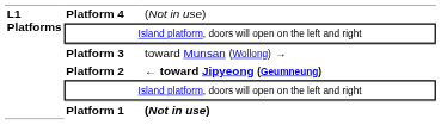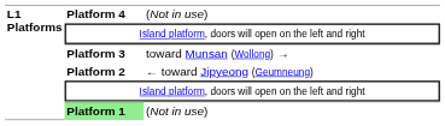 <table table border=0 cellspacing=0 cellpadding=3>
 <tr>
 <td style="border-top:solid 1px gray;border-bottom:solid 1px gray;" width=50 rowspan=7 valign=top><strong>L1<br>Platforms</strong></td>
 <td style="border-bottom:solid 0px gray;border-top:solid 1px gray;" width=100><span><strong>Platform 4</strong></span></td>
 <td style="border-bottom:solid 0px gray;border-top:solid 1px gray;" width=390> (<em>Not in use</em>)</td>
 </tr>
 <tr>
 <td style="border-top:solid 2px black;border-right:solid 2px black;border-left:solid 2px black;border-bottom:solid 2px black;text-align:center;" colspan=2><small><a href='#'>Island platform</a>, doors will open on the left and right</small></td>
 </tr>
 <tr>
 <td style="border-bottom:solid 0px gray;border-top:solid 1px gray;" width=100><span><strong>Platform 3</strong></span></td>
 <td style="border-bottom:solid 0px gray;border-top:solid 1px gray;" width=390>  toward <a href='#'>Munsan</a> <small>(<a href='#'>Wollong</a>)</small> →</td>
 </tr>
 <tr>
 <td><span><strong>Platform 2</strong></span></td>
-<td><strong>←  toward <a href='#'>Jipyeong</a> <small>(<a href='#'>Geumneung</a>)</small></strong></td>
+<td>←  toward <a href='#'>Jipyeong</a> <small>(<a href='#'>Geumneung</a>)</small></td>
 </tr>
 <tr>
 <td style="border-top:solid 2px black;border-right:solid 2px black;border-left:solid 2px black;border-bottom:solid 2px black;text-align:center;" colspan=2><small><a href='#'>Island platform</a>, doors will open on the left and right</small></td>
 </tr>
 <tr>
-<td style="border-bottom:solid 0px gray;border-top:solid 1px gray;" width=100><span><strong>Platform 1</strong></span></td>
-<td style="border-bottom:solid 0px gray;border-top:solid 1px gray;" width=390><strong> (<em>Not in use</em>)</strong></td>
+<td style="background: lightgreen; border-bottom:solid 0px gray;border-top:solid 1px gray;" width=100><span><strong>Platform 1</strong></span></td>
+<td style="border-bottom:solid 0px gray;border-top:solid 1px gray;" width=390> (<em>Not in use</em>)</td>
 </tr>
 </table>
